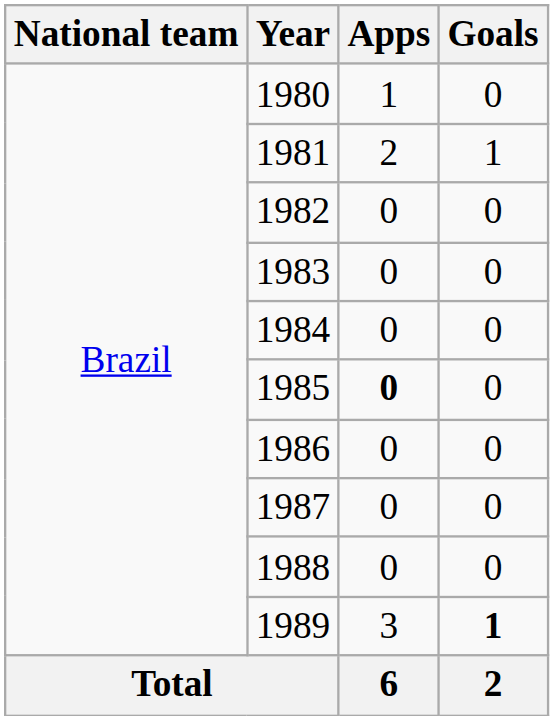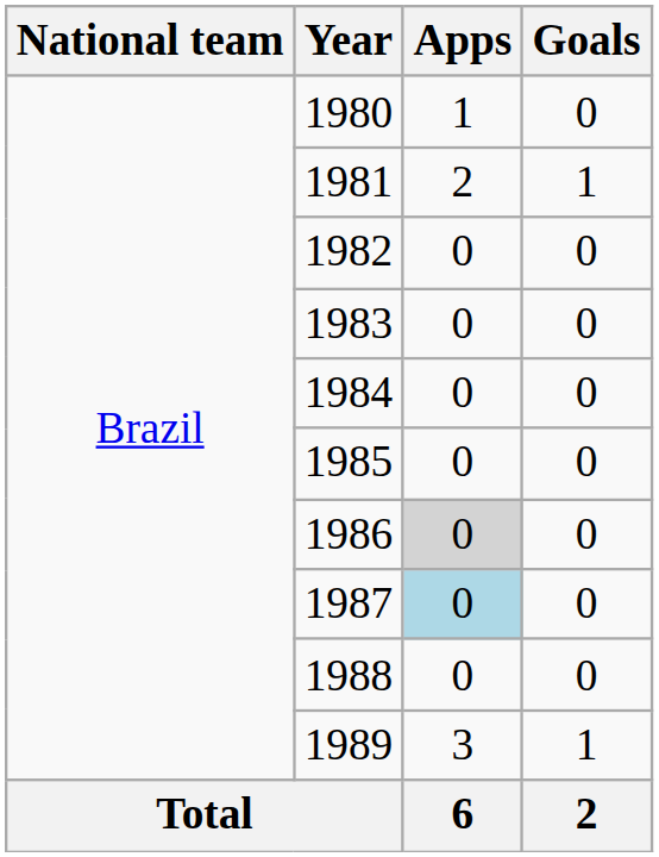 <table class="wikitable" style="text-align:center">
 <tr>
 <th>National team</th>
 <th>Year</th>
 <th>Apps</th>
 <th>Goals</th>
 </tr>
 <tr>
 <td rowspan="10"><a href='#'>Brazil</a></td>
 <td>1980</td>
 <td>1</td>
 <td>0</td>
 </tr>
 <tr>
 <td>1981</td>
 <td>2</td>
 <td>1</td>
 </tr>
 <tr>
 <td>1982</td>
 <td>0</td>
 <td>0</td>
 </tr>
 <tr>
 <td>1983</td>
 <td>0</td>
 <td>0</td>
 </tr>
 <tr>
 <td>1984</td>
 <td>0</td>
 <td>0</td>
 </tr>
 <tr>
 <td>1985</td>
-<td><strong>0</strong></td>
+<td>0</td>
 <td>0</td>
 </tr>
 <tr>
 <td>1986</td>
-<td>0</td>
+<td style="background: lightgrey;">0</td>
 <td>0</td>
 </tr>
 <tr>
 <td>1987</td>
-<td>0</td>
+<td style="background: lightblue;">0</td>
 <td>0</td>
 </tr>
 <tr>
 <td>1988</td>
 <td>0</td>
 <td>0</td>
 </tr>
 <tr>
 <td>1989</td>
 <td>3</td>
-<td><strong>1</strong></td>
+<td>1</td>
 </tr>
 <tr>
 <th colspan="2">Total</th>
 <th>6</th>
 <th>2</th>
 </tr>
 </table>
